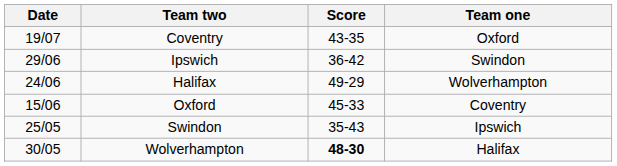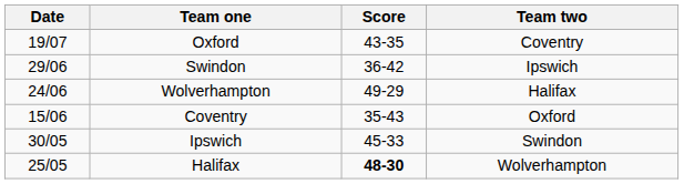 <table class="wikitable" style="text-align: center">
 <tr>
 <th width=80>Date</th>
+<th width=250>Team one</th>
+<th width=80>Score</th>
 <th width=250>Team two</th>
-<th width=80>Score</th>
-<th width=250>Team one</th>
 </tr>
 <tr>
 <td>19/07</td>
+<td>Oxford</td>
+<td>43-35</td>
 <td>Coventry</td>
-<td>43-35</td>
+</tr>
+<tr>
+<td>29/06</td>
+<td>Swindon</td>
+<td>36-42</td>
+<td>Ipswich</td>
+</tr>
+<tr>
+<td>24/06</td>
+<td>Wolverhampton</td>
+<td>49-29</td>
+<td>Halifax</td>
+</tr>
+<tr>
+<td>15/06</td>
+<td>Coventry</td>
+<td>35-43</td>
 <td>Oxford</td>
 </tr>
 <tr>
-<td>29/06</td>
+<td>30/05</td>
 <td>Ipswich</td>
-<td>36-42</td>
+<td>45-33</td>
 <td>Swindon</td>
 </tr>
 <tr>
-<td>24/06</td>
+<td>25/05</td>
 <td>Halifax</td>
-<td>49-29</td>
+<td><strong>48-30</strong></td>
 <td>Wolverhampton</td>
 </tr>
-<tr>
-<td>15/06</td>
-<td>Oxford</td>
-<td>45-33</td>
-<td>Coventry</td>
-</tr>
-<tr>
-<td>25/05</td>
-<td>Swindon</td>
-<td>35-43</td>
-<td>Ipswich</td>
-</tr>
-<tr>
-<td>30/05</td>
-<td>Wolverhampton</td>
-<td><strong>48-30</strong></td>
-<td>Halifax</td>
-</tr>
 </table>
